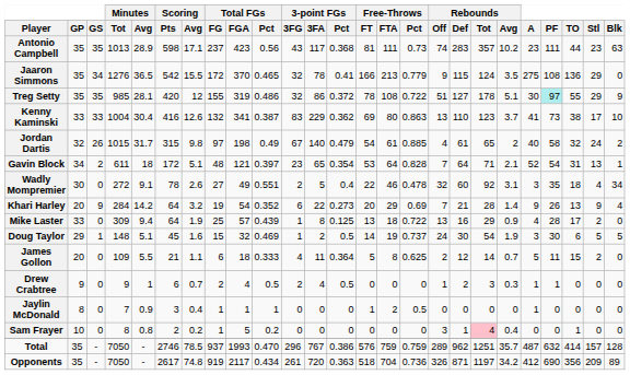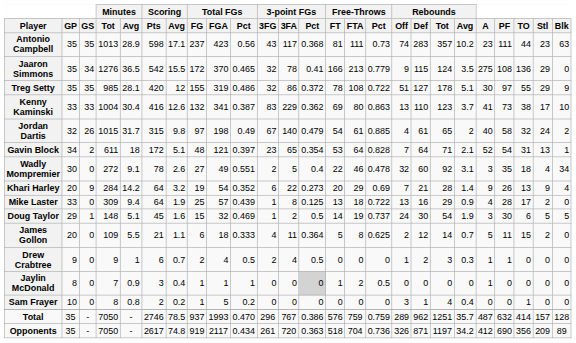 <table class="wikitable sortable" border="1" style="font-size:90%;">
 <tr>
 <th colspan="3" style="border-top-style:hidden; border-left-style:hidden; background: white;"></th>
 <th colspan="2" style=>Minutes</th>
 <th colspan="2" style=>Scoring</th>
 <th colspan="3" style=>Total FGs</th>
 <th colspan="3" style=>3-point FGs</th>
 <th colspan="3" style=>Free-Throws</th>
 <th colspan="4" style=>Rebounds</th>
 <th colspan="5" style="border-top-style:hidden; border-right-style:hidden; background: white;"></th>
 </tr>
 <tr>
 <th scope="col" style=>Player</th>
 <th scope="col" style=>GP</th>
 <th scope="col" style=>GS</th>
 <th scope="col" style=>Tot</th>
 <th scope="col" style=>Avg</th>
 <th scope="col" style=>Pts</th>
 <th scope="col" style=>Avg</th>
 <th scope="col" style=>FG</th>
 <th scope="col" style=>FGA</th>
 <th scope="col" style=>Pct</th>
 <th scope="col" style=>3FG</th>
 <th scope="col" style=>3FA</th>
 <th scope="col" style=>Pct</th>
 <th scope="col" style=>FT</th>
 <th scope="col" style=>FTA</th>
 <th scope="col" style=>Pct</th>
 <th scope="col" style=>Off</th>
 <th scope="col" style=>Def</th>
 <th scope="col" style=>Tot</th>
 <th scope="col" style=>Avg</th>
 <th scope="col" style=>A</th>
 <th scope="col" style=>PF</th>
 <th scope="col" style=>TO</th>
 <th scope="col" style=>Stl</th>
 <th scope="col" style=>Blk</th>
 </tr>
 <tr>
 <th>Antonio Campbell</th>
 <td align="right">35</td>
 <td align="right">35</td>
 <td align="right">1013</td>
 <td align="right">28.9</td>
 <td align="right">598</td>
 <td align="right">17.1</td>
 <td align="right">237</td>
 <td align="right">423</td>
 <td align="right">0.56</td>
 <td align="right">43</td>
 <td align="right">117</td>
 <td align="right">0.368</td>
 <td align="right">81</td>
 <td align="right">111</td>
 <td align="right">0.73</td>
 <td align="right">74</td>
 <td align="right">283</td>
 <td align="right">357</td>
 <td align="right">10.2</td>
 <td align="right">23</td>
 <td align="right">111</td>
 <td align="right">44</td>
 <td align="right">23</td>
 <td align="right">63</td>
 </tr>
 <tr>
 <th>Jaaron Simmons</th>
 <td align="right">35</td>
 <td align="right">34</td>
 <td align="right">1276</td>
 <td align="right">36.5</td>
 <td align="right">542</td>
 <td align="right">15.5</td>
 <td align="right">172</td>
 <td align="right">370</td>
 <td align="right">0.465</td>
 <td align="right">32</td>
 <td align="right">78</td>
 <td align="right">0.41</td>
 <td align="right">166</td>
 <td align="right">213</td>
 <td align="right">0.779</td>
 <td align="right">9</td>
 <td align="right">115</td>
 <td align="right">124</td>
 <td align="right">3.5</td>
 <td align="right">275</td>
 <td align="right">108</td>
 <td align="right">136</td>
 <td align="right">29</td>
 <td align="right">0</td>
 </tr>
 <tr>
 <th>Treg Setty</th>
 <td align="right">35</td>
 <td align="right">35</td>
 <td align="right">985</td>
 <td align="right">28.1</td>
 <td align="right">420</td>
 <td align="right">12</td>
 <td align="right">155</td>
 <td align="right">319</td>
 <td align="right">0.486</td>
 <td align="right">32</td>
 <td align="right">86</td>
 <td align="right">0.372</td>
 <td align="right">78</td>
 <td align="right">108</td>
 <td align="right">0.722</td>
 <td align="right">51</td>
 <td align="right">127</td>
 <td align="right">178</td>
 <td align="right">5.1</td>
 <td align="right">30</td>
-<td align="right" style="background: paleturquoise;">97</td>
+<td align="right">97</td>
 <td align="right">55</td>
 <td align="right">29</td>
 <td align="right">9</td>
 </tr>
 <tr>
 <th>Kenny Kaminski</th>
 <td align="right">33</td>
 <td align="right">33</td>
 <td align="right">1004</td>
 <td align="right">30.4</td>
 <td align="right">416</td>
 <td align="right">12.6</td>
 <td align="right">132</td>
 <td align="right">341</td>
 <td align="right">0.387</td>
 <td align="right">83</td>
 <td align="right">229</td>
 <td align="right">0.362</td>
 <td align="right">69</td>
 <td align="right">80</td>
 <td align="right">0.863</td>
 <td align="right">13</td>
 <td align="right">110</td>
 <td align="right">123</td>
 <td align="right">3.7</td>
 <td align="right">41</td>
 <td align="right">73</td>
 <td align="right">38</td>
 <td align="right">17</td>
 <td align="right">10</td>
 </tr>
 <tr>
 <th>Jordan Dartis</th>
 <td align="right">32</td>
 <td align="right">26</td>
 <td align="right">1015</td>
 <td align="right">31.7</td>
 <td align="right">315</td>
 <td align="right">9.8</td>
 <td align="right">97</td>
 <td align="right">198</td>
 <td align="right">0.49</td>
 <td align="right">67</td>
 <td align="right">140</td>
 <td align="right">0.479</td>
 <td align="right">54</td>
 <td align="right">61</td>
 <td align="right">0.885</td>
 <td align="right">4</td>
 <td align="right">61</td>
 <td align="right">65</td>
 <td align="right">2</td>
 <td align="right">40</td>
 <td align="right">58</td>
 <td align="right">32</td>
 <td align="right">24</td>
 <td align="right">2</td>
 </tr>
 <tr>
 <th>Gavin Block</th>
 <td align="right">34</td>
 <td align="right">2</td>
 <td align="right">611</td>
 <td align="right">18</td>
 <td align="right">172</td>
 <td align="right">5.1</td>
 <td align="right">48</td>
 <td align="right">121</td>
 <td align="right">0.397</td>
 <td align="right">23</td>
 <td align="right">65</td>
 <td align="right">0.354</td>
 <td align="right">53</td>
 <td align="right">64</td>
 <td align="right">0.828</td>
 <td align="right">7</td>
 <td align="right">64</td>
 <td align="right">71</td>
 <td align="right">2.1</td>
 <td align="right">52</td>
 <td align="right">54</td>
 <td align="right">31</td>
 <td align="right">13</td>
 <td align="right">1</td>
 </tr>
 <tr>
 <th>Wadly Mompremier</th>
 <td align="right">30</td>
 <td align="right">0</td>
 <td align="right">272</td>
 <td align="right">9.1</td>
 <td align="right">78</td>
 <td align="right">2.6</td>
 <td align="right">27</td>
 <td align="right">49</td>
 <td align="right">0.551</td>
 <td align="right">2</td>
 <td align="right">5</td>
 <td align="right">0.4</td>
 <td align="right">22</td>
 <td align="right">46</td>
 <td align="right">0.478</td>
 <td align="right">32</td>
 <td align="right">60</td>
 <td align="right">92</td>
 <td align="right">3.1</td>
 <td align="right">3</td>
 <td align="right">35</td>
 <td align="right">18</td>
 <td align="right">4</td>
 <td align="right">34</td>
 </tr>
 <tr>
 <th>Khari Harley</th>
 <td align="right">20</td>
 <td align="right">9</td>
 <td align="right">284</td>
 <td align="right">14.2</td>
 <td align="right">64</td>
 <td align="right">3.2</td>
 <td align="right">19</td>
 <td align="right">54</td>
 <td align="right">0.352</td>
 <td align="right">6</td>
 <td align="right">22</td>
 <td align="right">0.273</td>
 <td align="right">20</td>
 <td align="right">29</td>
 <td align="right">0.69</td>
 <td align="right">7</td>
 <td align="right">21</td>
 <td align="right">28</td>
 <td align="right">1.4</td>
 <td align="right">9</td>
 <td align="right">26</td>
 <td align="right">13</td>
 <td align="right">9</td>
 <td align="right">4</td>
 </tr>
 <tr>
 <th>Mike Laster</th>
 <td align="right">33</td>
 <td align="right">0</td>
 <td align="right">309</td>
 <td align="right">9.4</td>
 <td align="right">64</td>
 <td align="right">1.9</td>
 <td align="right">25</td>
 <td align="right">57</td>
 <td align="right">0.439</td>
 <td align="right">1</td>
 <td align="right">8</td>
 <td align="right">0.125</td>
 <td align="right">13</td>
 <td align="right">18</td>
 <td align="right">0.722</td>
 <td align="right">13</td>
 <td align="right">16</td>
 <td align="right">29</td>
 <td align="right">0.9</td>
 <td align="right">4</td>
 <td align="right">28</td>
 <td align="right">17</td>
 <td align="right">2</td>
 <td align="right">0</td>
 </tr>
 <tr>
 <th>Doug Taylor</th>
 <td align="right">29</td>
 <td align="right">1</td>
 <td align="right">148</td>
 <td align="right">5.1</td>
 <td align="right">45</td>
 <td align="right">1.6</td>
 <td align="right">15</td>
 <td align="right">32</td>
 <td align="right">0.469</td>
 <td align="right">1</td>
 <td align="right">2</td>
 <td align="right">0.5</td>
 <td align="right">14</td>
 <td align="right">19</td>
 <td align="right">0.737</td>
 <td align="right">24</td>
 <td align="right">30</td>
 <td align="right">54</td>
 <td align="right">1.9</td>
 <td align="right">3</td>
 <td align="right">30</td>
 <td align="right">6</td>
 <td align="right">5</td>
 <td align="right">5</td>
 </tr>
 <tr>
 <th>James Gollon</th>
 <td align="right">20</td>
 <td align="right">0</td>
 <td align="right">109</td>
 <td align="right">5.5</td>
 <td align="right">21</td>
 <td align="right">1.1</td>
 <td align="right">6</td>
 <td align="right">18</td>
 <td align="right">0.333</td>
 <td align="right">4</td>
 <td align="right">11</td>
 <td align="right">0.364</td>
 <td align="right">5</td>
 <td align="right">8</td>
 <td align="right">0.625</td>
 <td align="right">2</td>
 <td align="right">12</td>
 <td align="right">14</td>
 <td align="right">0.7</td>
 <td align="right">5</td>
 <td align="right">11</td>
 <td align="right">15</td>
 <td align="right">2</td>
 <td align="right">0</td>
 </tr>
 <tr>
 <th>Drew Crabtree</th>
 <td align="right">9</td>
 <td align="right">0</td>
 <td align="right">9</td>
 <td align="right">1</td>
 <td align="right">6</td>
 <td align="right">0.7</td>
 <td align="right">2</td>
 <td align="right">4</td>
 <td align="right">0.5</td>
 <td align="right">2</td>
 <td align="right">4</td>
 <td align="right">0.5</td>
 <td align="right">0</td>
 <td align="right">0</td>
 <td align="right">0</td>
 <td align="right">1</td>
 <td align="right">2</td>
 <td align="right">3</td>
 <td align="right">0.3</td>
 <td align="right">1</td>
 <td align="right">1</td>
 <td align="right">0</td>
 <td align="right">0</td>
 <td align="right">0</td>
 </tr>
 <tr>
 <th>Jaylin McDonald</th>
 <td align="right">8</td>
 <td align="right">0</td>
 <td align="right">7</td>
 <td align="right">0.9</td>
 <td align="right">3</td>
 <td align="right">0.4</td>
 <td align="right">1</td>
 <td align="right">1</td>
 <td align="right">1</td>
 <td align="right">0</td>
 <td align="right">0</td>
-<td align="right">0</td>
+<td align="right" style="background: lightgrey;">0</td>
 <td align="right">1</td>
 <td align="right">2</td>
 <td align="right">0.5</td>
 <td align="right">0</td>
 <td align="right">0</td>
 <td align="right">0</td>
 <td align="right">0</td>
 <td align="right">1</td>
 <td align="right">0</td>
 <td align="right">0</td>
 <td align="right">0</td>
 <td align="right">0</td>
 </tr>
 <tr>
 <th>Sam Frayer</th>
 <td align="right">10</td>
 <td align="right">0</td>
 <td align="right">8</td>
 <td align="right">0.8</td>
 <td align="right">2</td>
 <td align="right">0.2</td>
 <td align="right">1</td>
 <td align="right">5</td>
 <td align="right">0.2</td>
 <td align="right">0</td>
 <td align="right">0</td>
 <td align="right">0</td>
 <td align="right">0</td>
 <td align="right">0</td>
 <td align="right">0</td>
 <td align="right">3</td>
 <td align="right">1</td>
-<td align="right" style="background: pink;">4</td>
+<td align="right">4</td>
 <td align="right">0.4</td>
 <td align="right">0</td>
 <td align="right">0</td>
 <td align="right">1</td>
 <td align="right">0</td>
 <td align="right">0</td>
 </tr>
 <tr>
 </tr>
 <tr class="sortbottom">
 <td align="center" style=><strong>Total</strong></td>
 <td align="center" style=>35</td>
 <td align="center" style=>-</td>
 <td align="center" style=>7050</td>
 <td align="center" style=>-</td>
 <td align="center" style=>2746</td>
 <td align="center" style=>78.5</td>
 <td align="center" style=>937</td>
 <td align="center" style=>1993</td>
 <td align="center" style=>0.470</td>
 <td align="center" style=>296</td>
 <td align="center" style=>767</td>
 <td align="center" style=>0.386</td>
 <td align="center" style=>576</td>
 <td align="center" style=>759</td>
 <td align="center" style=>0.759</td>
 <td align="center" style=>289</td>
 <td align="center" style=>962</td>
 <td align="center" style=>1251</td>
 <td align="center" style=>35.7</td>
 <td align="center" style=>487</td>
 <td align="center" style=>632</td>
 <td align="center" style=>414</td>
 <td align="center" style=>157</td>
 <td align="center" style=>128</td>
 </tr>
 <tr class="sortbottom">
 <td align="center"><strong>Opponents</strong></td>
 <td align="center">35</td>
 <td align="center">-</td>
 <td align="center">7050</td>
 <td align="center">-</td>
 <td align="center">2617</td>
 <td align="center">74.8</td>
 <td align="center">919</td>
 <td align="center">2117</td>
 <td align="center">0.434</td>
 <td align="center">261</td>
 <td align="center">720</td>
 <td align="center">0.363</td>
 <td align="center">518</td>
 <td align="center">704</td>
 <td align="center">0.736</td>
 <td align="center">326</td>
 <td align="center">871</td>
 <td align="center">1197</td>
 <td align="center">34.2</td>
 <td align="center">412</td>
 <td align="center">690</td>
 <td align="center">356</td>
 <td align="center">209</td>
 <td align="center">89</td>
 </tr>
 </table>
